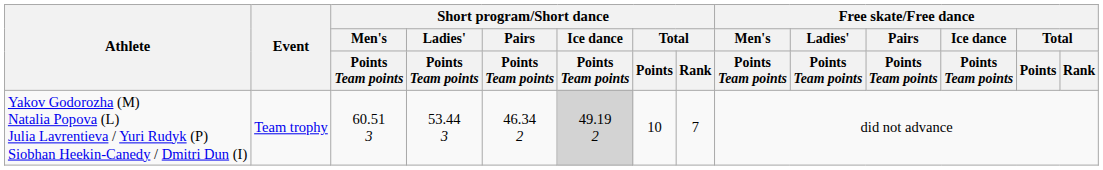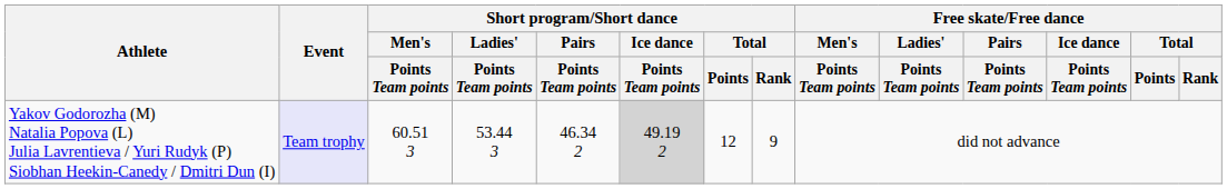 <table class="wikitable" style="font-size:90%">
 <tr>
 <th rowspan=3>Athlete</th>
 <th rowspan=3>Event</th>
 <th colspan=6>Short program/Short dance</th>
 <th colspan=6>Free skate/Free dance</th>
 </tr>
 <tr style="font-size:95%">
 <th>Men's</th>
 <th>Ladies'</th>
 <th>Pairs</th>
 <th>Ice dance</th>
 <th colspan=2>Total</th>
 <th>Men's</th>
 <th>Ladies'</th>
 <th>Pairs</th>
 <th>Ice dance</th>
 <th colspan=2>Total</th>
 </tr>
 <tr style="font-size:95%">
 <th>Points<br><em>Team points</em></th>
 <th>Points<br><em>Team points</em></th>
 <th>Points<br><em>Team points</em></th>
 <th>Points<br><em>Team points</em></th>
 <th>Points</th>
 <th>Rank</th>
 <th>Points<br><em>Team points</em></th>
 <th>Points<br><em>Team points</em></th>
 <th>Points<br><em>Team points</em></th>
 <th>Points<br><em>Team points</em></th>
 <th>Points</th>
 <th>Rank</th>
 </tr>
 <tr align=center>
 <td align=left><a href='#'>Yakov Godorozha</a> (M)<br><a href='#'>Natalia Popova</a> (L)<br> <a href='#'>Julia Lavrentieva</a> / <a href='#'>Yuri Rudyk</a> (P)<br> <a href='#'>Siobhan Heekin-Canedy</a> / <a href='#'>Dmitri Dun</a> (I)</td>
-<td align=left><a href='#'>Team trophy</a></td>
+<td align=left style="background: lavender;"><a href='#'>Team trophy</a></td>
 <td>60.51<br><em>3</em></td>
 <td>53.44<br><em>3</em></td>
 <td>46.34<br><em>2</em></td>
 <td style="background: lightgrey;">49.19<br><em>2</em></td>
-<td>10</td>
-<td>7</td>
+<td>12</td>
+<td>9</td>
 <td colspan=6>did not advance</td>
 </tr>
 </table>
